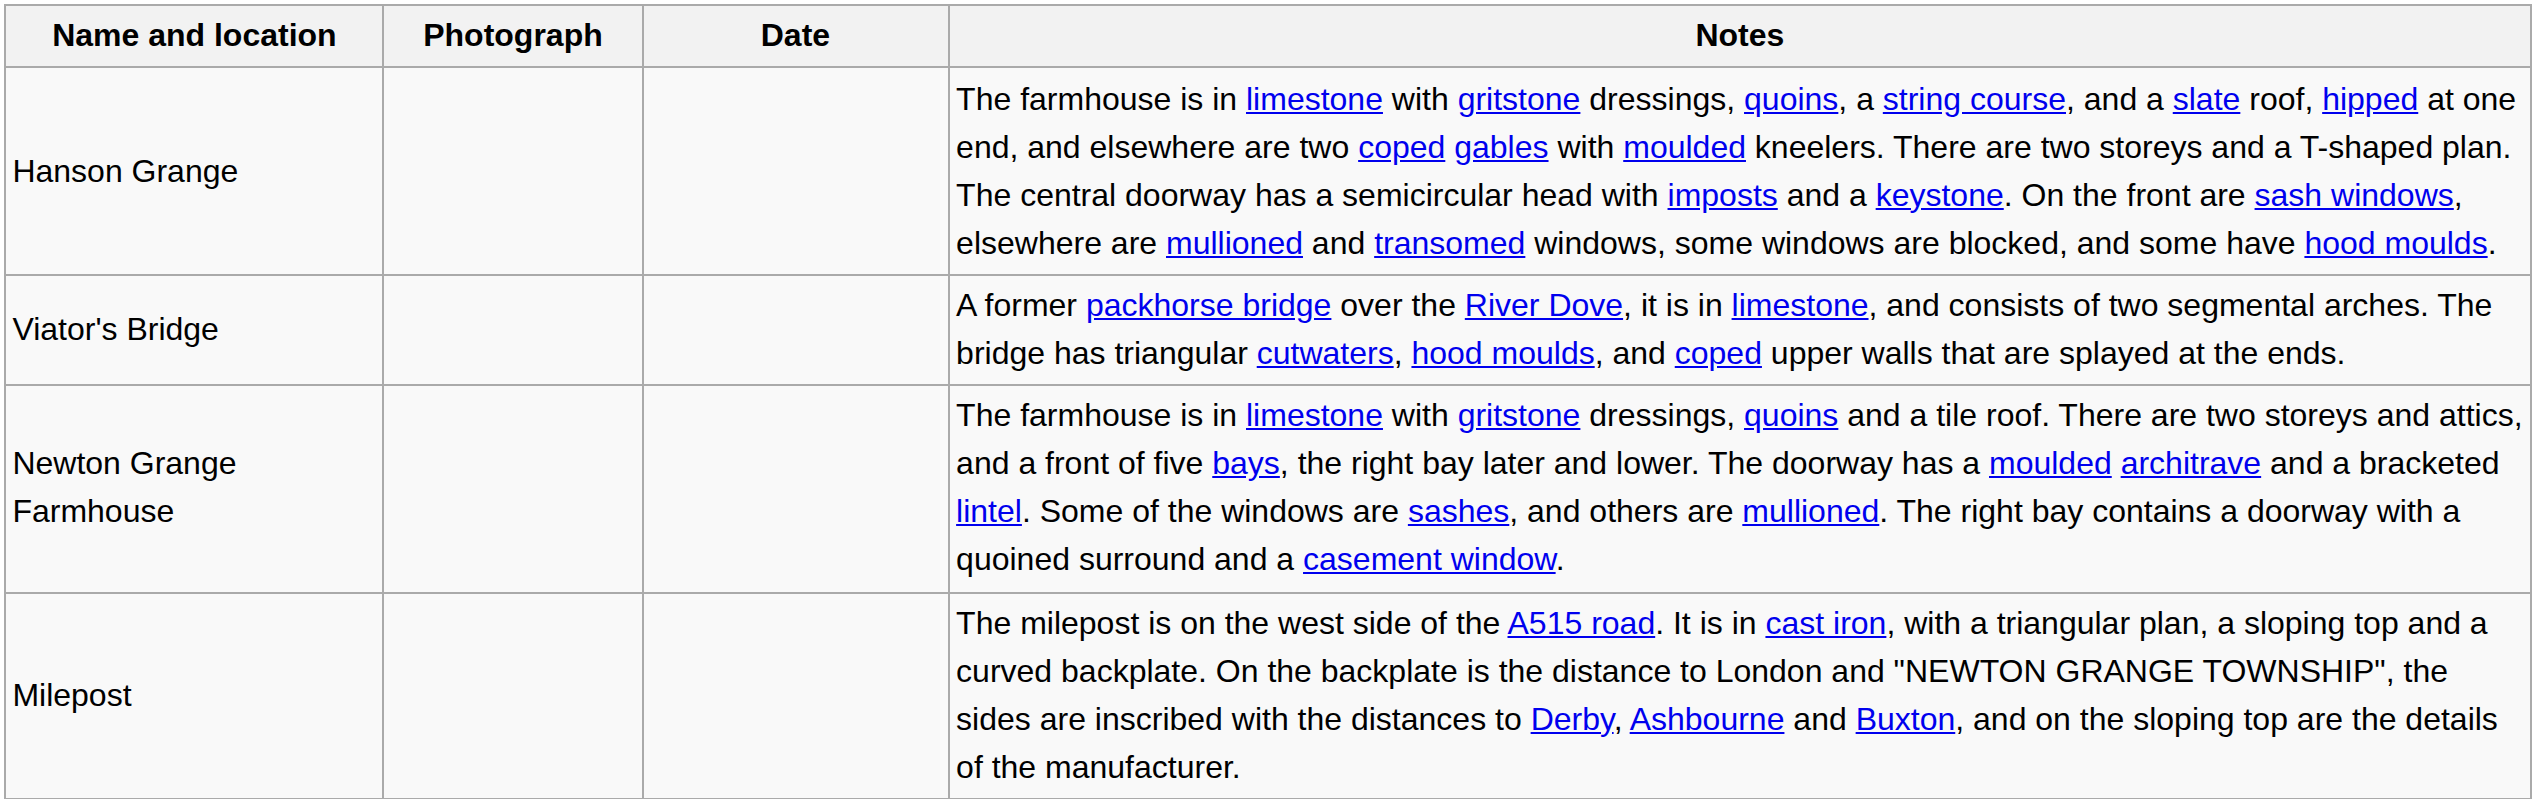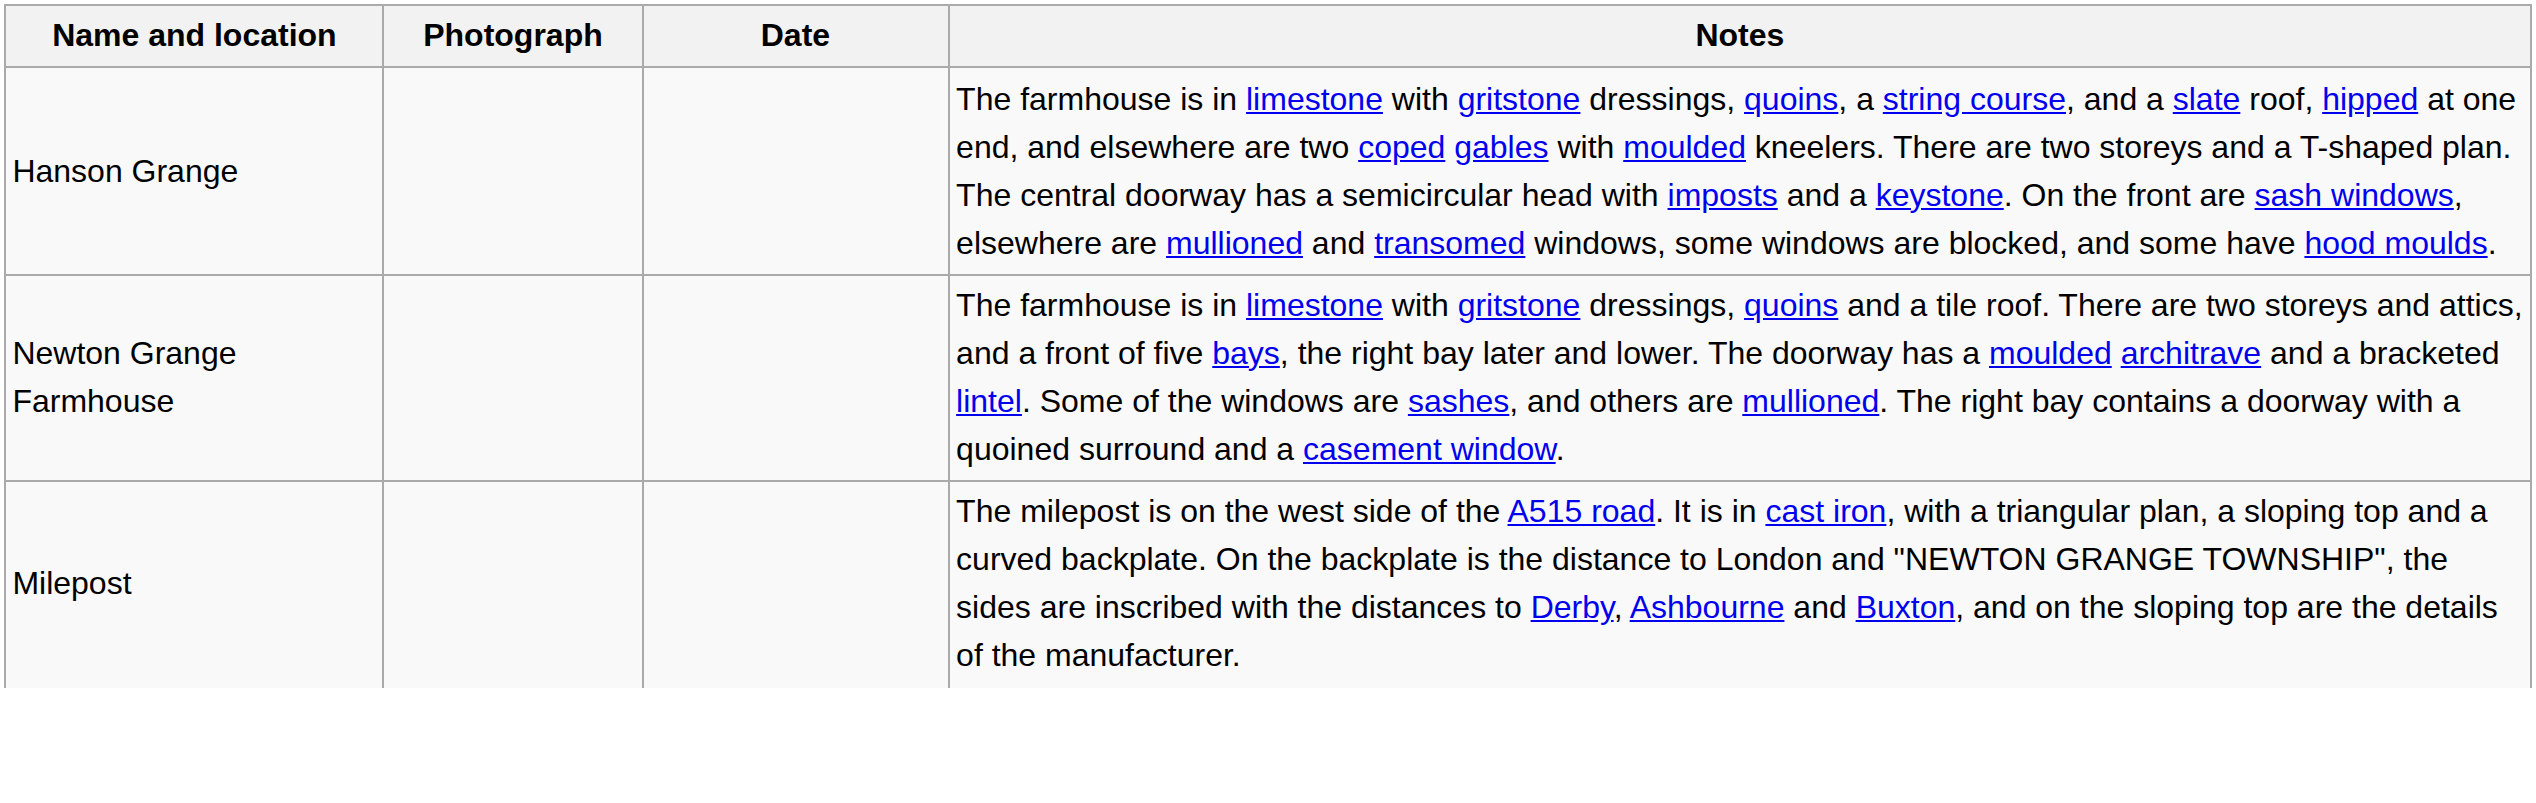 <table class="wikitable sortable plainrowheaders" style="width:100%;border:0px;text-align:left;line-height:150%;">
 <tr>
 <th scope="col"  style="width:150px">Name and location</th>
 <th scope="col"  style="width:100px" class="unsortable">Photograph</th>
 <th scope="col"  style="width:120px">Date</th>
 <th scope="col"  style="width:650px" class="unsortable">Notes</th>
 </tr>
 <tr>
 <td>Hanson Grange<br><small></small></td>
 <td></td>
 <td align="center"></td>
 <td>The farmhouse is in <a href='#'>limestone</a> with <a href='#'>gritstone</a> dressings, <a href='#'>quoins</a>, a <a href='#'>string course</a>, and a <a href='#'>slate</a> roof, <a href='#'>hipped</a> at one end, and elsewhere are two <a href='#'>coped</a> <a href='#'>gables</a> with <a href='#'>moulded</a> kneelers.  There are two storeys and a T-shaped plan.  The central doorway has a semicircular head with <a href='#'>imposts</a> and a <a href='#'>keystone</a>.  On the front are <a href='#'>sash windows</a>, elsewhere are <a href='#'>mullioned</a> and <a href='#'>transomed</a> windows, some windows are blocked, and some have <a href='#'>hood moulds</a>.</td>
-</tr>
-<tr>
-<td>Viator's Bridge<br><small></small></td>
-<td></td>
-<td align="center"></td>
-<td>A former <a href='#'>packhorse bridge</a> over the <a href='#'>River Dove</a>, it is in <a href='#'>limestone</a>, and consists of two segmental arches.  The bridge has triangular <a href='#'>cutwaters</a>, <a href='#'>hood moulds</a>, and <a href='#'>coped</a> upper walls that are splayed at the ends.</td>
 </tr>
 <tr>
 <td>Newton Grange Farmhouse<br><small></small></td>
 <td></td>
 <td align="center"></td>
 <td>The farmhouse is in <a href='#'>limestone</a> with <a href='#'>gritstone</a> dressings, <a href='#'>quoins</a> and a tile roof.  There are two storeys and attics, and a front of five <a href='#'>bays</a>, the right bay later and lower.  The doorway has a <a href='#'>moulded</a> <a href='#'>architrave</a> and a bracketed <a href='#'>lintel</a>.  Some of the windows are <a href='#'>sashes</a>, and others are <a href='#'>mullioned</a>.  The right bay contains a doorway with a quoined surround and a <a href='#'>casement window</a>.</td>
 </tr>
 <tr>
 <td>Milepost<br><small></small></td>
 <td></td>
 <td align="center"></td>
 <td>The milepost is on the west side of the <a href='#'>A515 road</a>.  It is in <a href='#'>cast iron</a>, with a triangular plan, a sloping top and a curved backplate.  On the backplate is the distance to London and "NEWTON GRANGE TOWNSHIP", the sides are inscribed with the distances to <a href='#'>Derby</a>, <a href='#'>Ashbourne</a> and <a href='#'>Buxton</a>, and on the sloping top are the details of the manufacturer.</td>
 </tr>
 <tr>
 </tr>
 </table>
